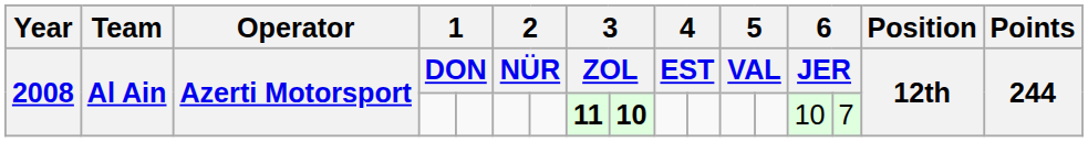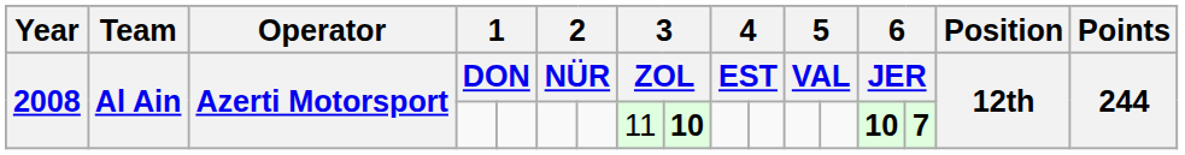 <table class="wikitable" style="text-align:center; font-size:85%">
 <tr>
 <th>Year</th>
 <th>Team</th>
 <th>Operator</th>
 <th colspan=2>1</th>
 <th colspan=2>2</th>
 <th colspan=2>3</th>
 <th colspan=2>4</th>
 <th colspan=2>5</th>
 <th colspan=2>6</th>
 <th>Position</th>
 <th>Points</th>
 </tr>
 <tr>
 <th rowspan=2><a href='#'>2008</a></th>
 <th rowspan=2 nowrap><a href='#'>Al Ain</a></th>
 <th rowspan=2 nowrap><a href='#'>Azerti Motorsport</a></th>
 <th colspan=2><a href='#'>DON</a></th>
 <th colspan=2><a href='#'>NÜR</a></th>
 <th colspan=2><a href='#'>ZOL</a></th>
 <th colspan=2><a href='#'>EST</a></th>
 <th colspan=2><a href='#'>VAL</a></th>
 <th colspan=2><a href='#'>JER</a></th>
 <th rowspan=2>12th</th>
 <th rowspan=2>244</th>
 </tr>
 <tr>
 <td></td>
 <td></td>
 <td></td>
 <td></td>
-<td style="background:#dfffdf;"><strong>11</strong></td>
+<td style="background:#dfffdf;">11</td>
 <td style="background:#dfffdf;"><strong>10</strong></td>
 <td></td>
 <td></td>
 <td></td>
 <td></td>
-<td style="background:#dfffdf;">10</td>
-<td style="background:#dfffdf;">7</td>
+<td style="background:#dfffdf;"><strong>10</strong></td>
+<td style="background:#dfffdf;"><strong>7</strong></td>
 </tr>
 </table>
